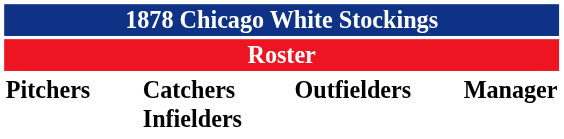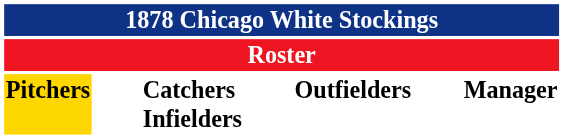 <table class="toccolours" style="font-size: 95%;">
 <tr>
 <th colspan="10" style="background-color: #0e3386; color: white; text-align: center;">1878 Chicago White Stockings</th>
 </tr>
 <tr>
 <td colspan="10" style="background-color: #EE1422; color: white; text-align: center;"><strong>Roster</strong></td>
 </tr>
 <tr>
-<td valign="top"><strong>Pitchers</strong><br> </td>
+<td valign="top" style="background: gold;"><strong>Pitchers</strong><br> </td>
 <td width="25px"></td>
 <td valign="top"><strong>Catchers</strong><br>   <strong>Infielders</strong>     </td>
 <td width="25px"></td>
 <td valign="top"><strong>Outfielders</strong><br>    </td>
 <td width="25px"></td>
 <td valign="top"><strong>Manager</strong><br></td>
 </tr>
 <tr>
 </tr>
 </table>
